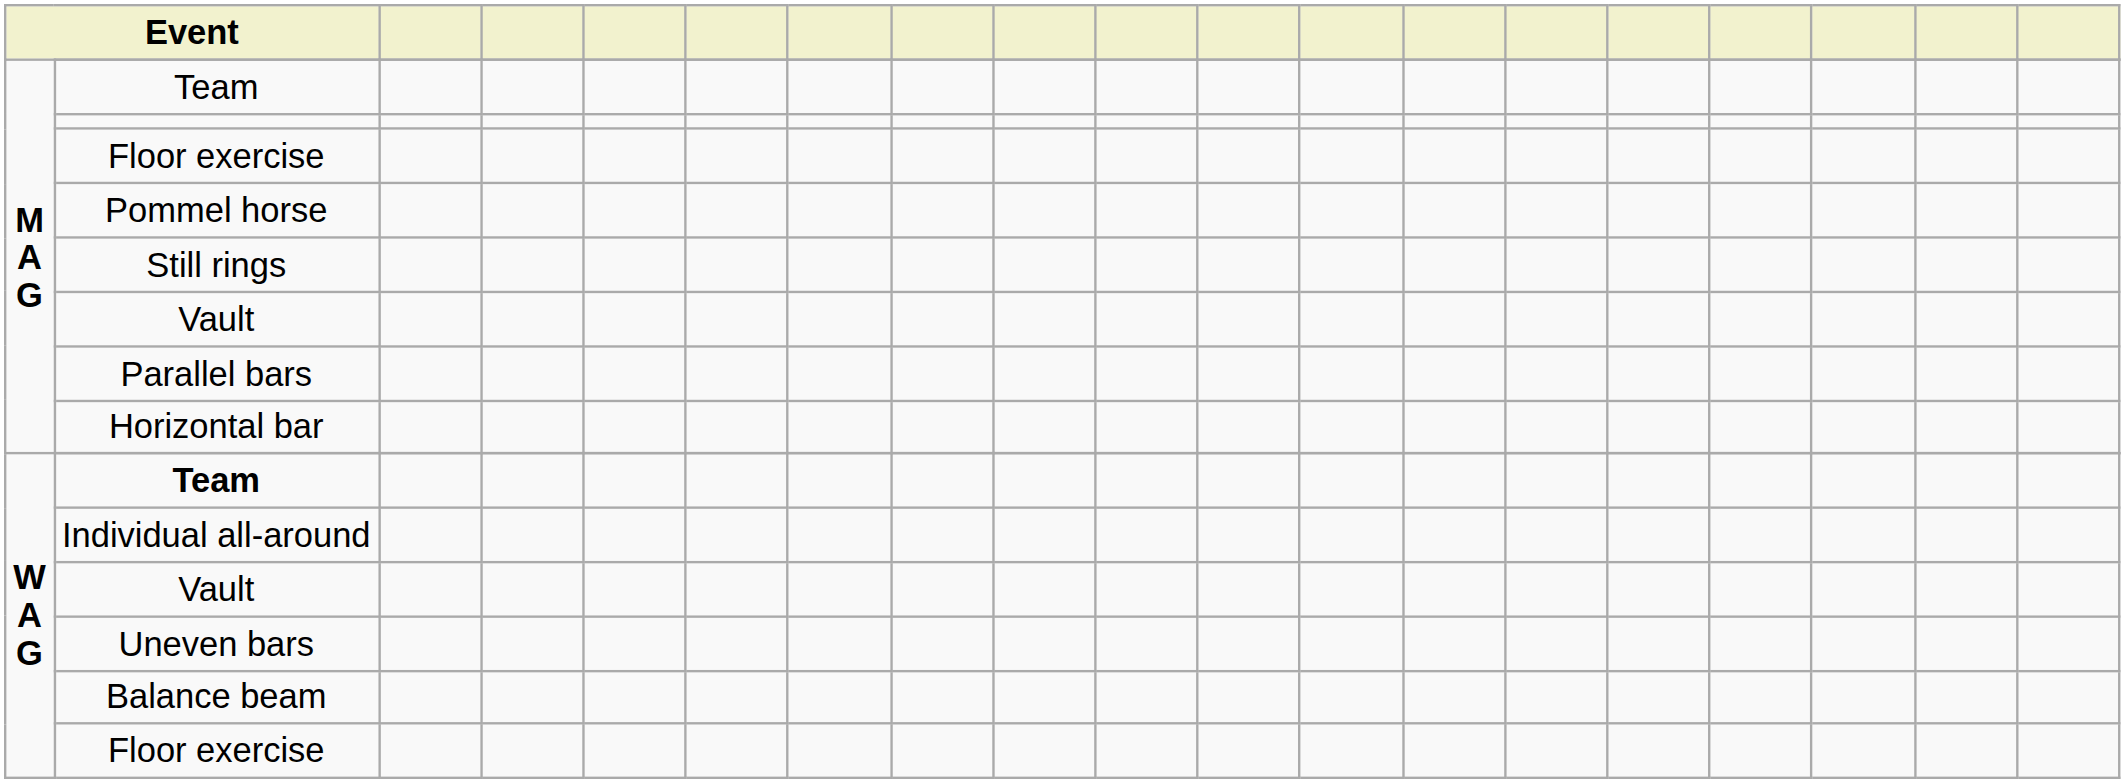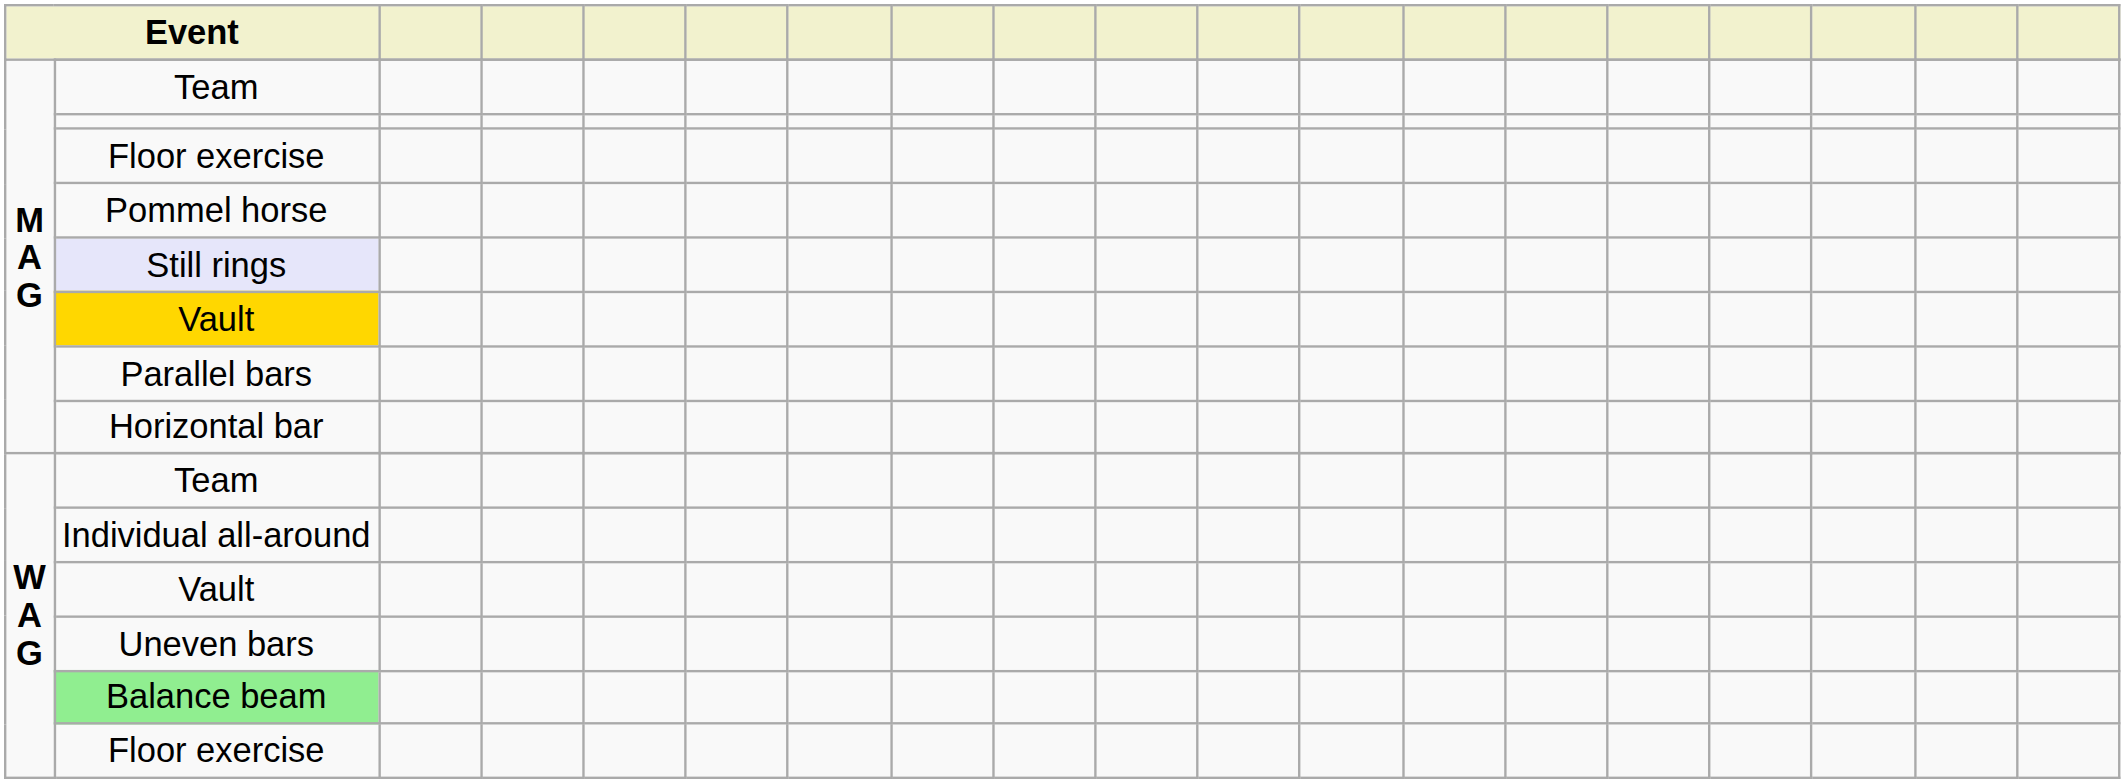 <table class="wikitable" style="margin-top:0em; text-align:center; font-size:91%;">
 <tr>
 <th style="background-color:#f2f2ce; width:10.0em;" colspan=2>Event</th>
 <th style="background-color:#f2f2ce; width:2.5em;"><br></th>
 <th style="background-color:#f2f2ce; width:2.5em;"><br></th>
 <th style="background-color:#f2f2ce; width:2.5em;"><br></th>
 <th style="background-color:#f2f2ce; width:2.5em;"><br></th>
 <th style="background-color:#f2f2ce; width:2.5em;"><br></th>
 <th style="background-color:#f2f2ce; width:2.5em;"><br></th>
 <th style="background-color:#f2f2ce; width:2.5em;"><br></th>
 <th style="background-color:#f2f2ce; width:2.5em;"><br></th>
 <th style="background-color:#f2f2ce; width:2.5em;"><br></th>
 <th style="background-color:#f2f2ce; width:2.5em;"><br></th>
 <th style="background-color:#f2f2ce; width:2.5em;"><br></th>
 <th style="background-color:#f2f2ce; width:2.5em;"><br></th>
 <th style="background-color:#f2f2ce; width:2.5em;"><br></th>
 <th style="background-color:#f2f2ce; width:2.5em;"><br></th>
 <th style="background-color:#f2f2ce; width:2.5em;"><br></th>
 <th style="background-color:#f2f2ce; width:2.5em;"><br></th>
 <th style="background-color:#f2f2ce; width:2.5em;"><br></th>
 </tr>
 <tr>
 <td rowspan=9 border=0 cellpadding="0" cellspacing="0"><strong>M<br>A<br>G</strong></td>
 </tr>
 <tr>
 <td>Team</td>
 <td> </td>
 <td> </td>
 <td> </td>
 <td></td>
 <td> </td>
 <td></td>
 <td> </td>
 <td></td>
 <td></td>
 <td></td>
 <td></td>
 <td></td>
 <td></td>
 <td> </td>
 <td> </td>
 <td></td>
 <td></td>
 </tr>
 <tr>
 <td></td>
 <td> </td>
 <td> </td>
 <td> </td>
 <td> </td>
 <td> </td>
 <td></td>
 <td> </td>
 <td></td>
 <td></td>
 <td></td>
 <td> </td>
 <td></td>
 <td></td>
 <td> </td>
 <td> </td>
 <td></td>
 <td> </td>
 </tr>
 <tr>
 <td>Floor exercise</td>
 <td> </td>
 <td> </td>
 <td> </td>
 <td> </td>
 <td> </td>
 <td></td>
 <td> </td>
 <td></td>
 <td> </td>
 <td> </td>
 <td> </td>
 <td></td>
 <td> </td>
 <td> </td>
 <td> </td>
 <td> </td>
 <td> </td>
 </tr>
 <tr>
 <td>Pommel horse</td>
 <td> </td>
 <td> </td>
 <td> </td>
 <td></td>
 <td> </td>
 <td></td>
 <td> </td>
 <td></td>
 <td> </td>
 <td></td>
 <td> </td>
 <td></td>
 <td></td>
 <td> </td>
 <td> </td>
 <td></td>
 <td> </td>
 </tr>
 <tr>
-<td>Still rings</td>
+<td style="background: lavender;">Still rings</td>
 <td> </td>
 <td> </td>
 <td> </td>
 <td> </td>
 <td> </td>
 <td></td>
 <td> </td>
 <td></td>
 <td></td>
 <td></td>
 <td> </td>
 <td></td>
 <td></td>
 <td> </td>
 <td> </td>
 <td></td>
 <td> </td>
 </tr>
 <tr>
-<td>Vault</td>
+<td style="background: gold;">Vault</td>
 <td> </td>
 <td> </td>
 <td> </td>
 <td> </td>
 <td> </td>
 <td></td>
 <td> </td>
 <td> </td>
 <td></td>
 <td> </td>
 <td> </td>
 <td></td>
 <td> </td>
 <td> </td>
 <td> </td>
 <td> </td>
 <td> </td>
 </tr>
 <tr>
 <td>Parallel bars</td>
 <td> </td>
 <td> </td>
 <td> </td>
 <td></td>
 <td> </td>
 <td></td>
 <td> </td>
 <td> </td>
 <td></td>
 <td> </td>
 <td> </td>
 <td></td>
 <td></td>
 <td> </td>
 <td> </td>
 <td></td>
 <td> </td>
 </tr>
 <tr>
 <td>Horizontal bar</td>
 <td> </td>
 <td> </td>
 <td></td>
 <td> </td>
 <td> </td>
 <td></td>
 <td> </td>
 <td> </td>
 <td></td>
 <td></td>
 <td> </td>
 <td></td>
 <td></td>
 <td> </td>
 <td> </td>
 <td></td>
 <td> </td>
 </tr>
 <tr>
 <td rowspan=7 border=0 cellpadding="0" cellspacing="0"><strong>W<br>A<br>G</strong></td>
 </tr>
 <tr>
-<td><strong>Team</strong></td>
+<td>Team</td>
 <td> </td>
 <td> </td>
 <td> </td>
 <td></td>
 <td></td>
 <td></td>
 <td> </td>
 <td></td>
 <td></td>
 <td></td>
 <td> </td>
 <td></td>
 <td></td>
 <td></td>
 <td> </td>
 <td></td>
 <td></td>
 </tr>
 <tr>
 <td>Individual all-around</td>
 <td> </td>
 <td> </td>
 <td> </td>
 <td></td>
 <td></td>
 <td> </td>
 <td> </td>
 <td></td>
 <td></td>
 <td></td>
 <td> </td>
 <td></td>
 <td></td>
 <td></td>
 <td> </td>
 <td></td>
 <td> </td>
 </tr>
 <tr>
 <td>Vault</td>
 <td> </td>
 <td> </td>
 <td> </td>
 <td></td>
 <td> </td>
 <td></td>
 <td> </td>
 <td> </td>
 <td> </td>
 <td></td>
 <td> </td>
 <td> </td>
 <td> </td>
 <td> </td>
 <td> </td>
 <td></td>
 <td></td>
 </tr>
 <tr>
 <td>Uneven bars</td>
 <td> </td>
 <td> </td>
 <td> </td>
 <td></td>
 <td> </td>
 <td></td>
 <td> </td>
 <td></td>
 <td></td>
 <td></td>
 <td> </td>
 <td></td>
 <td></td>
 <td></td>
 <td> </td>
 <td></td>
 <td> </td>
 </tr>
 <tr>
-<td>Balance beam</td>
+<td style="background: lightgreen;">Balance beam</td>
 <td> </td>
 <td> </td>
 <td> </td>
 <td> </td>
 <td></td>
 <td> </td>
 <td> </td>
 <td></td>
 <td></td>
 <td> </td>
 <td> </td>
 <td></td>
 <td></td>
 <td></td>
 <td> </td>
 <td></td>
 <td> </td>
 </tr>
 <tr>
 <td>Floor exercise</td>
 <td> </td>
 <td> </td>
 <td> </td>
 <td> </td>
 <td> </td>
 <td></td>
 <td> </td>
 <td></td>
 <td></td>
 <td></td>
 <td> </td>
 <td></td>
 <td></td>
 <td> </td>
 <td> </td>
 <td></td>
 <td> </td>
 </tr>
 </table>
